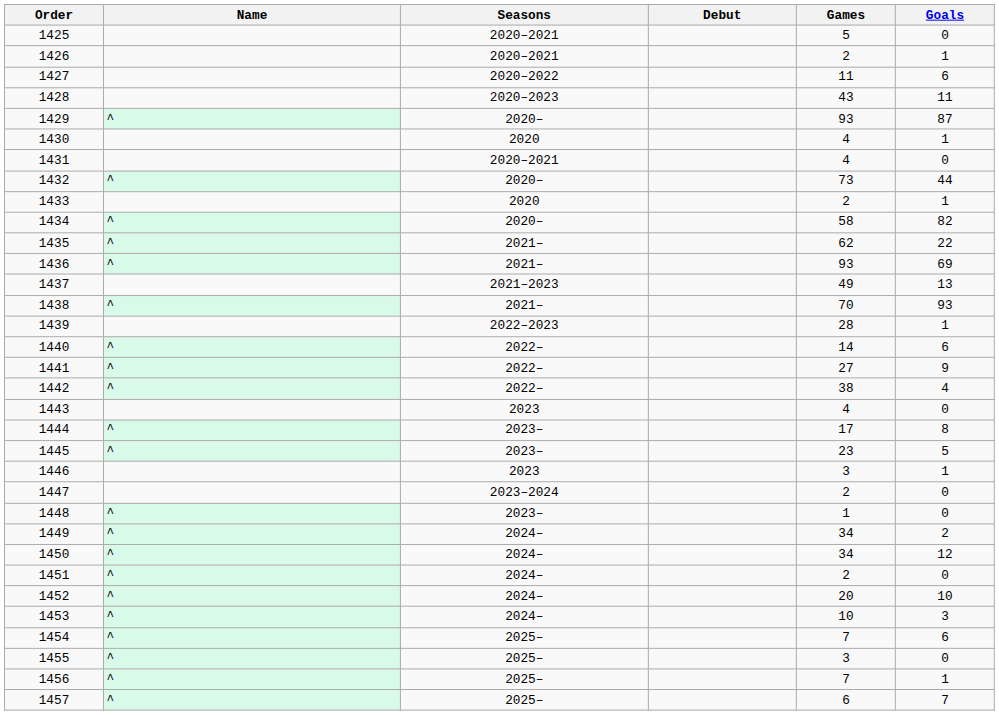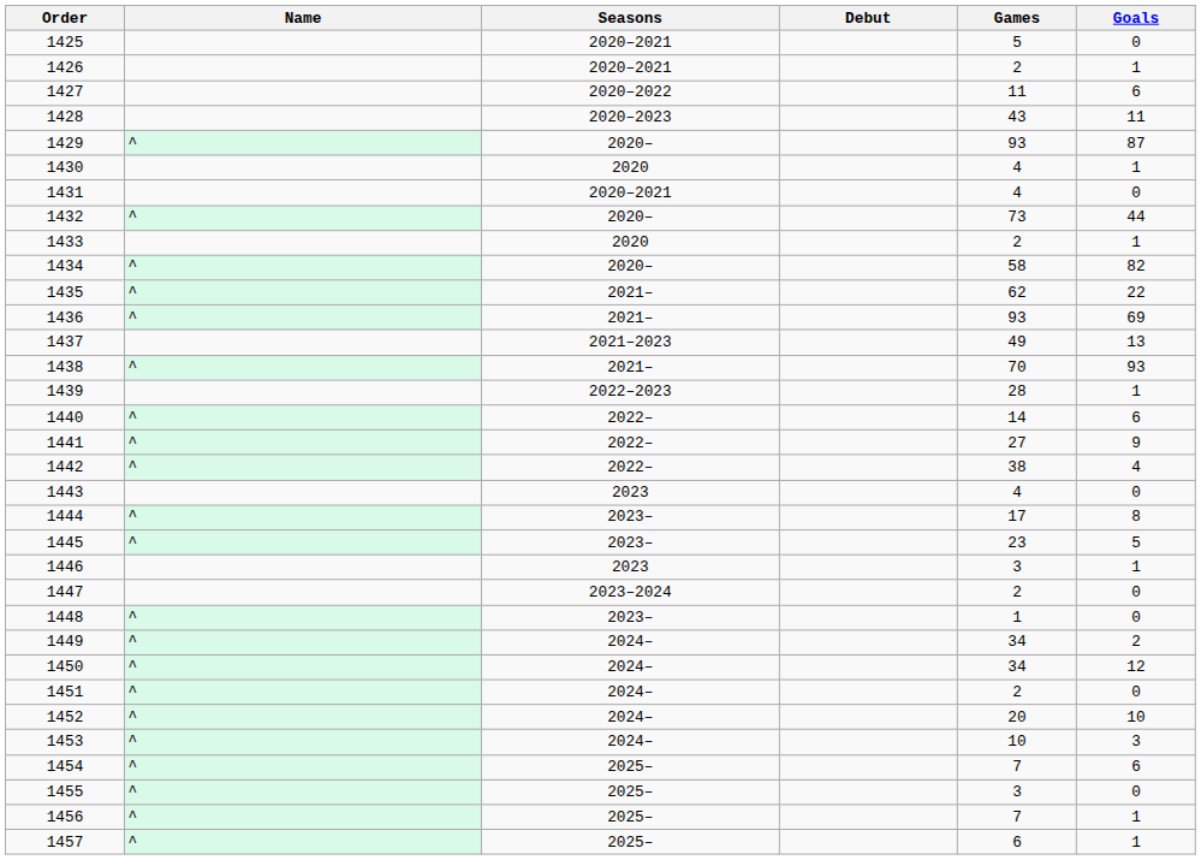 <table class="wikitable sortable" style="text-align:center; width:80%">
 <tr>
 <th style="width=5%">Order</th>
 <th style="width:30%">Name</th>
 <th style="width:25%">Seasons</th>
 <th style="width:15%">Debut</th>
 <th style="width:10%">Games</th>
 <th style="width:10%"><a href='#'>Goals</a></th>
 </tr>
 <tr>
 <td>1425</td>
 <td style="text-align:left"></td>
 <td>2020–2021</td>
 <td></td>
 <td>5</td>
 <td>0</td>
 </tr>
 <tr>
 <td>1426</td>
 <td style="text-align:left"></td>
 <td>2020–2021</td>
 <td></td>
 <td>2</td>
 <td>1</td>
 </tr>
 <tr>
 <td>1427</td>
 <td style="text-align:left"></td>
 <td>2020–2022</td>
 <td></td>
 <td>11</td>
 <td>6</td>
 </tr>
 <tr>
 <td>1428</td>
 <td style="text-align:left"></td>
 <td>2020–2023</td>
 <td></td>
 <td>43</td>
 <td>11</td>
 </tr>
 <tr>
 <td>1429</td>
 <td style="text-align:left; background:#d9f9e9">^</td>
 <td>2020–</td>
 <td></td>
 <td>93</td>
 <td>87</td>
 </tr>
 <tr>
 <td>1430</td>
 <td style="text-align:left"></td>
 <td>2020</td>
 <td></td>
 <td>4</td>
 <td>1</td>
 </tr>
 <tr>
 <td>1431</td>
 <td style="text-align:left"></td>
 <td>2020–2021</td>
 <td></td>
 <td>4</td>
 <td>0</td>
 </tr>
 <tr>
 <td>1432</td>
 <td style="text-align:left; background:#d9f9e9">^</td>
 <td>2020–</td>
 <td></td>
 <td>73</td>
 <td>44</td>
 </tr>
 <tr>
 <td>1433</td>
 <td style="text-align:left"></td>
 <td>2020</td>
 <td></td>
 <td>2</td>
 <td>1</td>
 </tr>
 <tr>
 <td>1434</td>
 <td style="text-align:left; background:#d9f9e9">^</td>
 <td>2020–</td>
 <td></td>
 <td>58</td>
 <td>82</td>
 </tr>
 <tr>
 <td>1435</td>
 <td style="text-align:left; background:#d9f9e9">^</td>
 <td>2021–</td>
 <td></td>
 <td>62</td>
 <td>22</td>
 </tr>
 <tr>
 <td>1436</td>
 <td style="text-align:left; background:#d9f9e9">^</td>
 <td>2021–</td>
 <td></td>
 <td>93</td>
 <td>69</td>
 </tr>
 <tr>
 <td>1437</td>
 <td style="text-align:left"></td>
 <td>2021–2023</td>
 <td></td>
 <td>49</td>
 <td>13</td>
 </tr>
 <tr>
 <td>1438</td>
 <td style="text-align:left; background:#d9f9e9">^</td>
 <td>2021–</td>
 <td></td>
 <td>70</td>
 <td>93</td>
 </tr>
 <tr>
 <td>1439</td>
 <td style="text-align:left"></td>
 <td>2022–2023</td>
 <td></td>
 <td>28</td>
 <td>1</td>
 </tr>
 <tr>
 <td>1440</td>
 <td style="text-align:left; background:#d9f9e9">^</td>
 <td>2022–</td>
 <td></td>
 <td>14</td>
 <td>6</td>
 </tr>
 <tr>
 <td>1441</td>
 <td style="text-align:left; background:#d9f9e9">^</td>
 <td>2022–</td>
 <td></td>
 <td>27</td>
 <td>9</td>
 </tr>
 <tr>
 <td>1442</td>
 <td style="text-align:left; background:#d9f9e9">^</td>
 <td>2022–</td>
 <td></td>
 <td>38</td>
 <td>4</td>
 </tr>
 <tr>
 <td>1443</td>
 <td style="text-align:left"></td>
 <td>2023</td>
 <td></td>
 <td>4</td>
 <td>0</td>
 </tr>
 <tr>
 <td>1444</td>
 <td style="text-align:left; background:#d9f9e9">^</td>
 <td>2023–</td>
 <td></td>
 <td>17</td>
 <td>8</td>
 </tr>
 <tr>
 <td>1445</td>
 <td style="text-align:left; background:#d9f9e9">^</td>
 <td>2023–</td>
 <td></td>
 <td>23</td>
 <td>5</td>
 </tr>
 <tr>
 <td>1446</td>
 <td style="text-align:left"></td>
 <td>2023</td>
 <td></td>
 <td>3</td>
 <td>1</td>
 </tr>
 <tr>
 <td>1447</td>
 <td style="text-align:left"></td>
 <td>2023–2024</td>
 <td></td>
 <td>2</td>
 <td>0</td>
 </tr>
 <tr>
 <td>1448</td>
 <td style="text-align:left; background:#d9f9e9">^</td>
 <td>2023–</td>
 <td></td>
 <td>1</td>
 <td>0</td>
 </tr>
 <tr>
 <td>1449</td>
 <td style="text-align:left; background:#d9f9e9">^</td>
 <td>2024–</td>
 <td></td>
 <td>34</td>
 <td>2</td>
 </tr>
 <tr>
 <td>1450</td>
 <td style="text-align:left; background:#d9f9e9">^</td>
 <td>2024–</td>
 <td></td>
 <td>34</td>
 <td>12</td>
 </tr>
 <tr>
 <td>1451</td>
 <td style="text-align:left; background:#d9f9e9">^</td>
 <td>2024–</td>
 <td></td>
 <td>2</td>
 <td>0</td>
 </tr>
 <tr>
 <td>1452</td>
 <td style="text-align:left; background:#d9f9e9">^</td>
 <td>2024–</td>
 <td></td>
 <td>20</td>
 <td>10</td>
 </tr>
 <tr>
 <td>1453</td>
 <td style="text-align:left; background:#d9f9e9">^</td>
 <td>2024–</td>
 <td></td>
 <td>10</td>
 <td>3</td>
 </tr>
 <tr>
 <td>1454</td>
 <td style="text-align:left; background:#d9f9e9">^</td>
 <td>2025–</td>
 <td></td>
 <td>7</td>
 <td>6</td>
 </tr>
 <tr>
 <td>1455</td>
 <td style="text-align:left; background:#d9f9e9">^</td>
 <td>2025–</td>
 <td></td>
 <td>3</td>
 <td>0</td>
 </tr>
 <tr>
 <td>1456</td>
 <td style="text-align:left; background:#d9f9e9">^</td>
 <td>2025–</td>
 <td></td>
 <td>7</td>
 <td>1</td>
 </tr>
 <tr>
 <td>1457</td>
 <td style="text-align:left; background:#d9f9e9">^</td>
 <td>2025–</td>
 <td></td>
 <td>6</td>
-<td>7</td>
+<td>1</td>
 </tr>
 </table>
